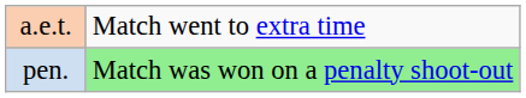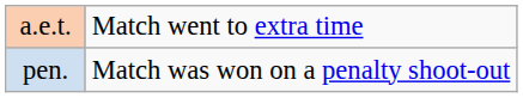 <table class="wikitable">
 <tr>
 <td width="40px" bgcolor="#FBCEB1" align="center">a.e.t.</td>
 <td>Match went to <a href='#'>extra time</a></td>
 </tr>
 <tr>
 <td width="40px" bgcolor="#cedff2" align="center">pen.</td>
-<td style="background: lightgreen;">Match was won on a <a href='#'>penalty shoot-out</a></td>
+<td>Match was won on a <a href='#'>penalty shoot-out</a></td>
 </tr>
 </table>
